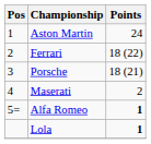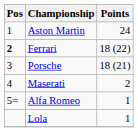 <table class="wikitable" style="font-size: 95%;">
 <tr>
 <th>Pos</th>
 <th>Championship</th>
 <th>Points</th>
 </tr>
 <tr>
 <td>1</td>
 <td> <a href='#'>Aston Martin</a></td>
 <td align=right>24</td>
 </tr>
 <tr>
-<td>2</td>
+<td><strong>2</strong></td>
 <td> <a href='#'>Ferrari</a></td>
 <td align=right>18 (22)</td>
 </tr>
 <tr>
 <td>3</td>
 <td> <a href='#'>Porsche</a></td>
 <td align=right>18 (21)</td>
 </tr>
 <tr>
 <td>4</td>
 <td> <a href='#'>Maserati</a></td>
 <td align=right>2</td>
 </tr>
 <tr>
 <td>5=</td>
 <td> <a href='#'>Alfa Romeo</a></td>
-<td align=right><strong>1</strong></td>
+<td align=right>1</td>
 </tr>
 <tr>
 <td></td>
 <td> <a href='#'>Lola</a></td>
-<td align=right><strong>1</strong></td>
+<td align=right>1</td>
 </tr>
 <tr>
 </tr>
 </table>
